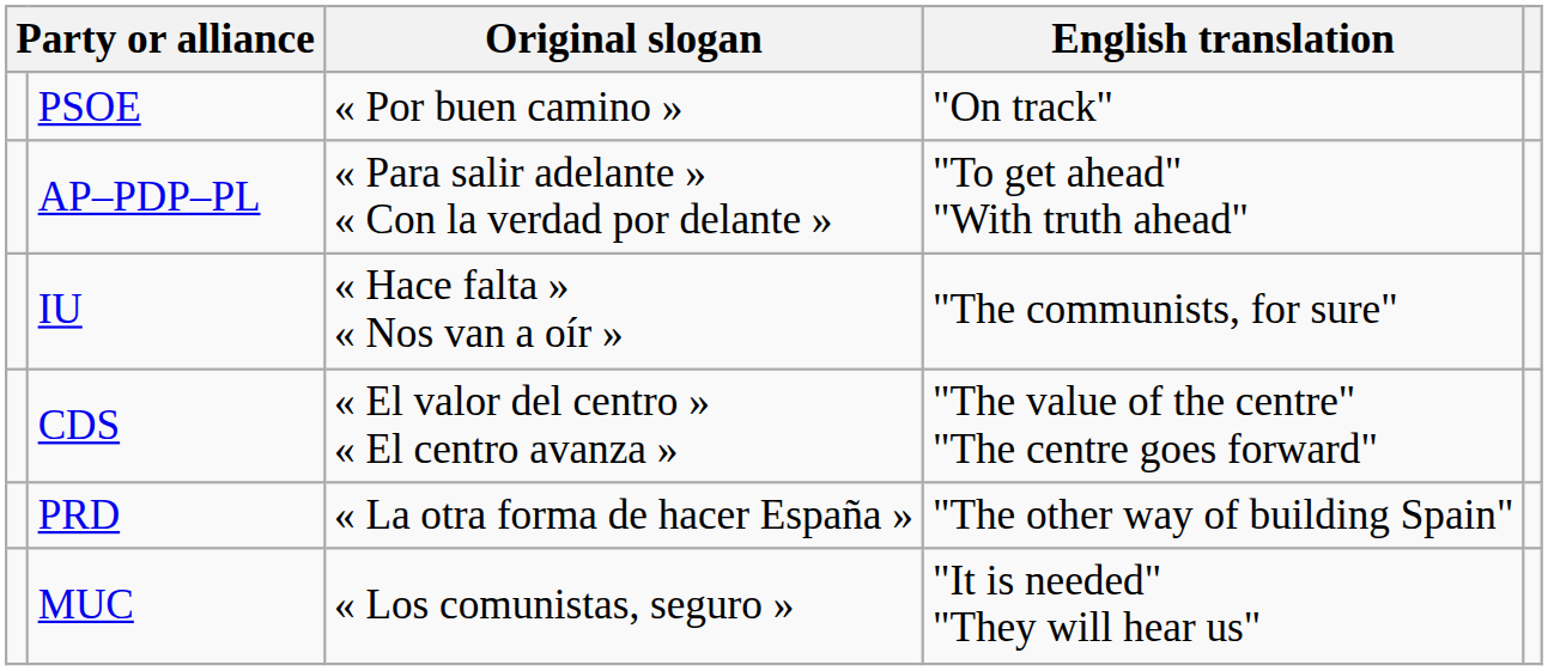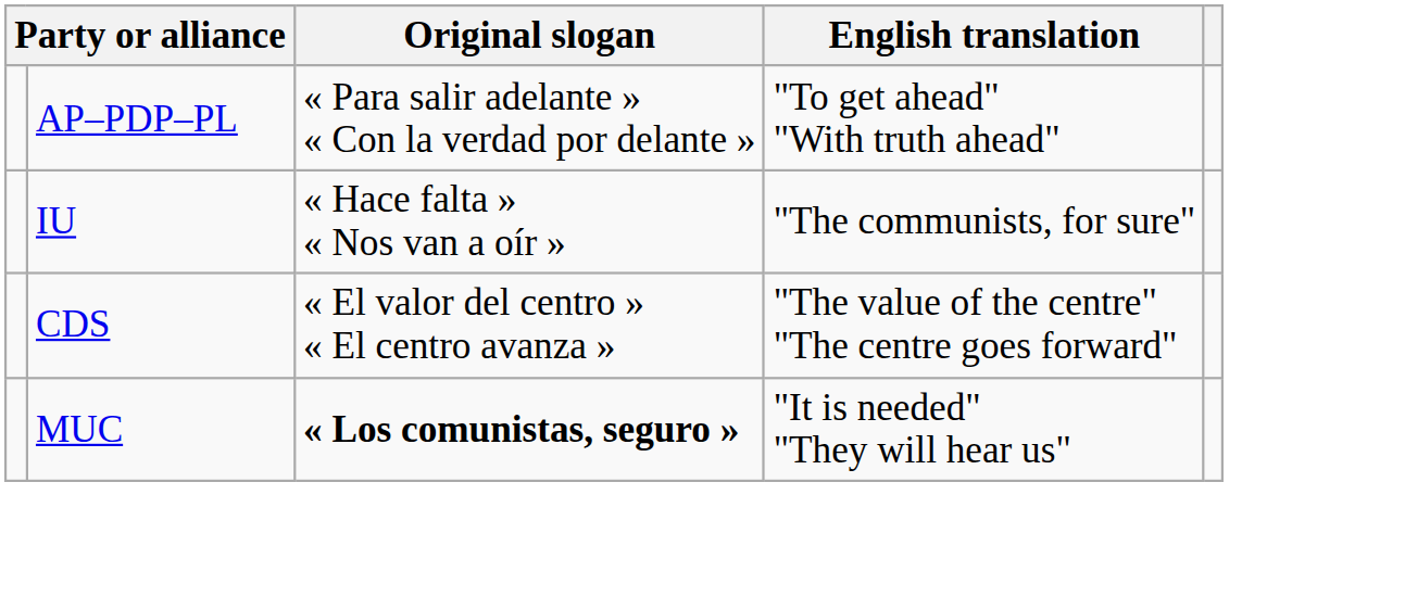 <table class="wikitable" style="text-align:left;">
 <tr>
 <th style="text-align:left;" colspan="2">Party or alliance</th>
 <th>Original slogan</th>
 <th>English translation</th>
 <th></th>
-</tr>
-<tr>
-<td width="1" style="color:inherit;background:"></td>
-<td><a href='#'>PSOE</a></td>
-<td>« Por buen camino »</td>
-<td>"On track"</td>
-<td></td>
 </tr>
 <tr>
 <td style="color:inherit;background:"></td>
 <td><a href='#'>AP–PDP–PL</a></td>
 <td>« Para salir adelante »<br>« Con la verdad por delante »</td>
 <td>"To get ahead"<br>"With truth ahead"</td>
 <td></td>
 </tr>
 <tr>
 <td style="color:inherit;background:"></td>
 <td><a href='#'>IU</a></td>
 <td>« Hace falta »<br>« Nos van a oír »</td>
 <td>"The communists, for sure"</td>
 <td></td>
 </tr>
 <tr>
 <td style="color:inherit;background:"></td>
 <td><a href='#'>CDS</a></td>
 <td>« El valor del centro »<br>« El centro avanza »</td>
 <td>"The value of the centre"<br>"The centre goes forward"</td>
 <td></td>
 </tr>
 <tr>
 <td style="color:inherit;background:"></td>
-<td><a href='#'>PRD</a></td>
-<td>« La otra forma de hacer España »</td>
-<td>"The other way of building Spain"</td>
-<td></td>
-</tr>
-<tr>
-<td style="color:inherit;background:"></td>
 <td><a href='#'>MUC</a></td>
-<td>« Los comunistas, seguro »</td>
+<td><strong>« Los comunistas, seguro »</strong></td>
 <td>"It is needed"<br>"They will hear us"</td>
 <td></td>
 </tr>
 </table>
